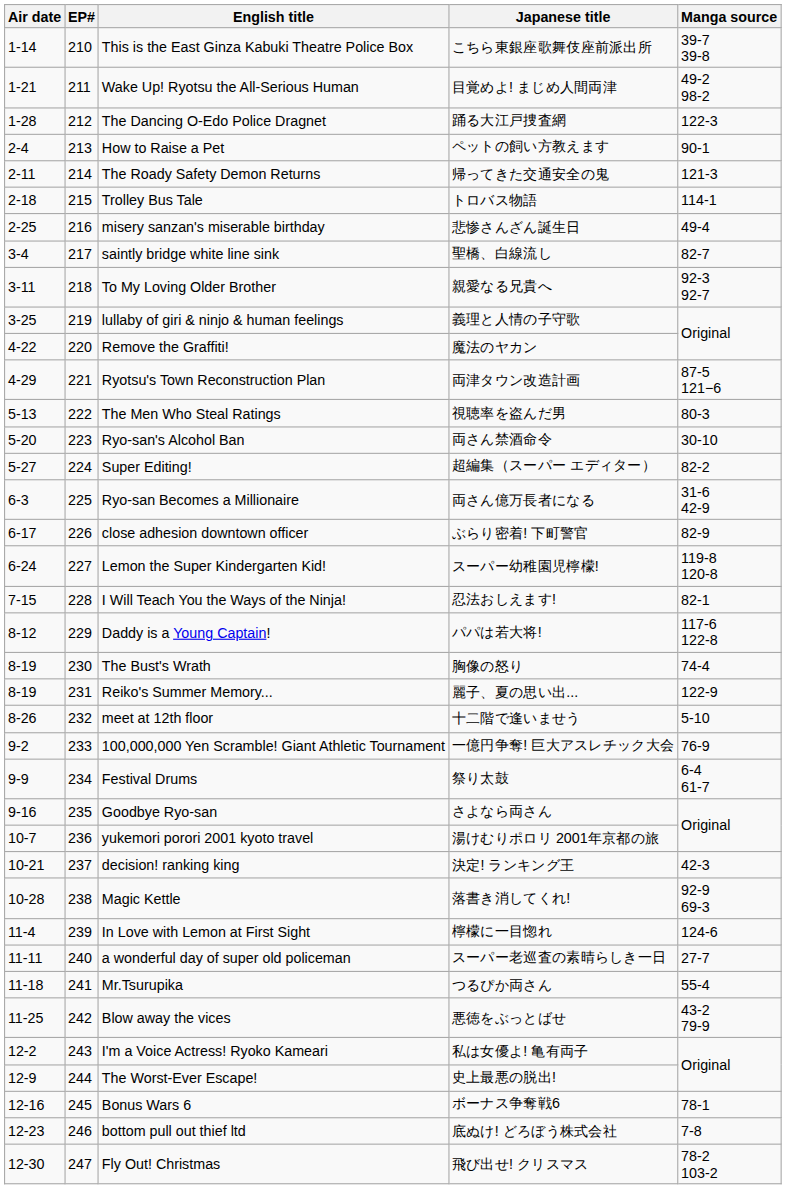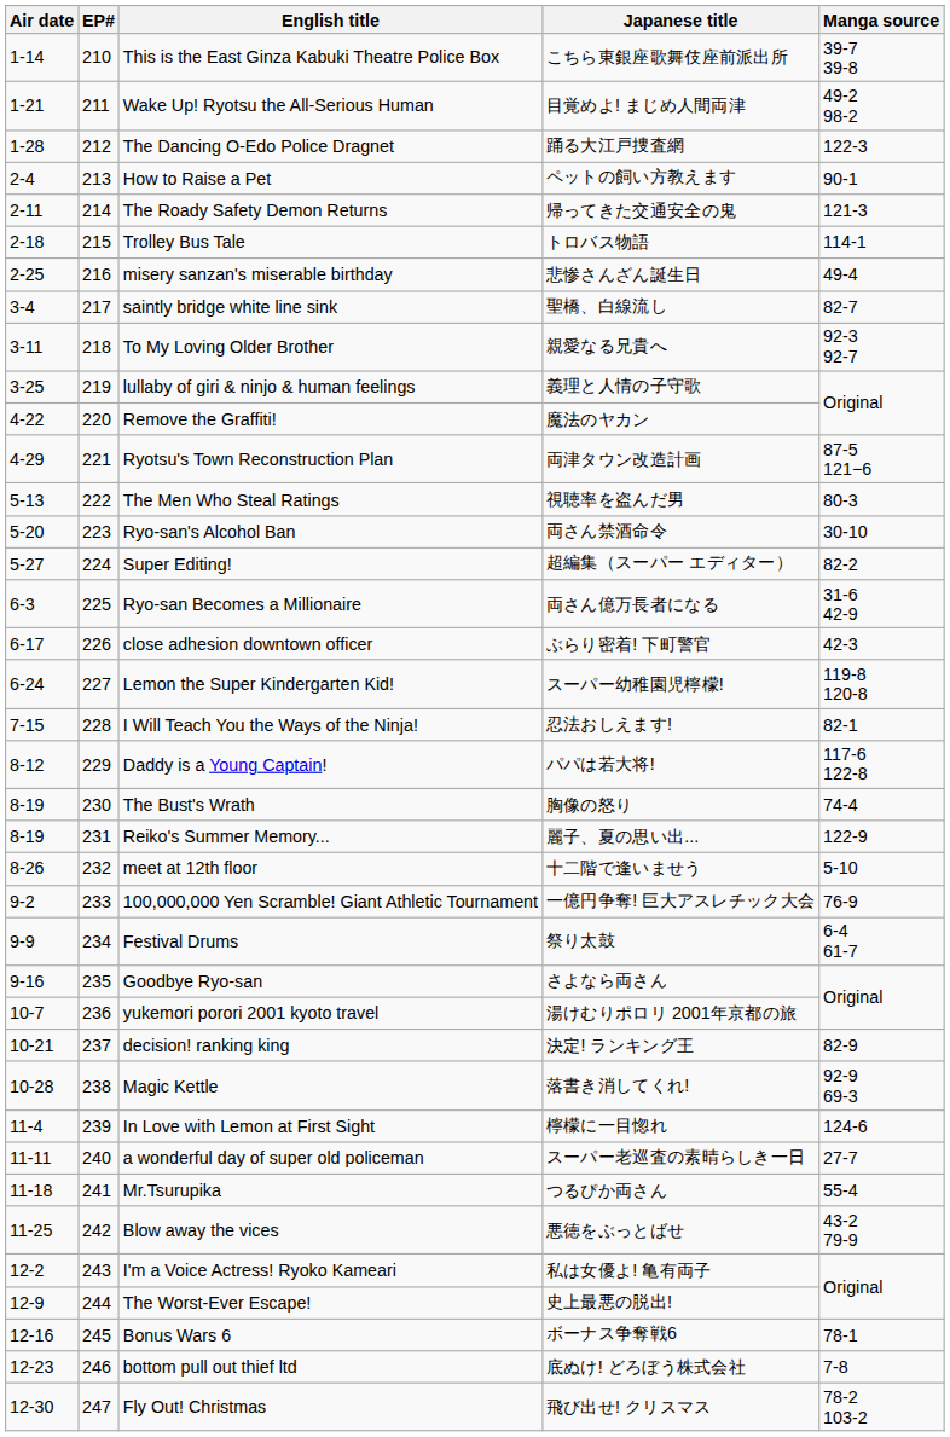 <table class="wikitable" style="font-size:small">
 <tr>
 <th>Air date</th>
 <th>EP#</th>
 <th>English title</th>
 <th>Japanese title</th>
 <th>Manga source</th>
 </tr>
 <tr>
 <td>1-14</td>
 <td>210</td>
 <td>This is the East Ginza Kabuki Theatre Police Box</td>
 <td>こちら東銀座歌舞伎座前派出所</td>
 <td>39-7<br>39-8</td>
 </tr>
 <tr>
 <td>1-21</td>
 <td>211</td>
 <td>Wake Up! Ryotsu the All-Serious Human</td>
 <td>目覚めよ! まじめ人間両津</td>
 <td>49-2<br>98-2</td>
 </tr>
 <tr>
 <td>1-28</td>
 <td>212</td>
 <td>The Dancing O-Edo Police Dragnet</td>
 <td>踊る大江戸捜査網</td>
 <td>122-3</td>
 </tr>
 <tr>
 <td>2-4</td>
 <td>213</td>
 <td>How to Raise a Pet</td>
 <td>ペットの飼い方教えます</td>
 <td>90-1</td>
 </tr>
 <tr>
 <td>2-11</td>
 <td>214</td>
 <td>The Roady Safety Demon Returns</td>
 <td>帰ってきた交通安全の鬼</td>
 <td>121-3</td>
 </tr>
 <tr>
 <td>2-18</td>
 <td>215</td>
 <td>Trolley Bus Tale</td>
 <td>トロバス物語</td>
 <td>114-1</td>
 </tr>
 <tr>
 <td>2-25</td>
 <td>216</td>
 <td>misery sanzan's miserable birthday</td>
 <td>悲惨さんざん誕生日</td>
 <td>49-4</td>
 </tr>
 <tr>
 <td>3-4</td>
 <td>217</td>
 <td>saintly bridge white line sink</td>
 <td>聖橋、白線流し</td>
 <td>82-7</td>
 </tr>
 <tr>
 <td>3-11</td>
 <td>218</td>
 <td>To My Loving Older Brother</td>
 <td>親愛なる兄貴へ</td>
 <td>92-3<br>92-7</td>
 </tr>
 <tr>
 <td>3-25</td>
 <td>219</td>
 <td>lullaby of giri & ninjo & human feelings</td>
 <td>義理と人情の子守歌</td>
 <td rowspan="2">Original</td>
 </tr>
 <tr>
 <td>4-22</td>
 <td>220</td>
 <td>Remove the Graffiti!</td>
 <td>魔法のヤカン</td>
 </tr>
 <tr>
 <td>4-29</td>
 <td>221</td>
 <td>Ryotsu's Town Reconstruction Plan</td>
 <td>両津タウン改造計画</td>
 <td>87-5<br>121−6</td>
 </tr>
 <tr>
 <td>5-13</td>
 <td>222</td>
 <td>The Men Who Steal Ratings</td>
 <td>視聴率を盗んだ男</td>
 <td>80-3</td>
 </tr>
 <tr>
 <td>5-20</td>
 <td>223</td>
 <td>Ryo-san's Alcohol Ban</td>
 <td>両さん禁酒命令</td>
 <td>30-10</td>
 </tr>
 <tr>
 <td>5-27</td>
 <td>224</td>
 <td>Super Editing!</td>
 <td>超編集（スーパー エディター）</td>
 <td>82-2</td>
 </tr>
 <tr>
 <td>6-3</td>
 <td>225</td>
 <td>Ryo-san Becomes a Millionaire</td>
 <td>両さん億万長者になる</td>
 <td>31-6<br>42-9</td>
 </tr>
 <tr>
 <td>6-17</td>
 <td>226</td>
 <td>close adhesion downtown officer</td>
 <td>ぶらり密着! 下町警官</td>
-<td>82-9</td>
+<td>42-3</td>
 </tr>
 <tr>
 <td>6-24</td>
 <td>227</td>
 <td>Lemon the Super Kindergarten Kid!</td>
 <td>スーパー幼稚園児檸檬!</td>
 <td>119-8<br>120-8</td>
 </tr>
 <tr>
 <td>7-15</td>
 <td>228</td>
 <td>I Will Teach You the Ways of the Ninja!</td>
 <td>忍法おしえます!</td>
 <td>82-1</td>
 </tr>
 <tr>
 <td>8-12</td>
 <td>229</td>
 <td>Daddy is a <a href='#'>Young Captain</a>!</td>
 <td>パパは若大将!</td>
 <td>117-6<br>122-8</td>
 </tr>
 <tr>
 <td>8-19</td>
 <td>230</td>
 <td>The Bust's Wrath</td>
 <td>胸像の怒り</td>
 <td>74-4</td>
 </tr>
 <tr>
 <td>8-19</td>
 <td>231</td>
 <td>Reiko's Summer Memory...</td>
 <td>麗子、夏の思い出...</td>
 <td>122-9</td>
 </tr>
 <tr>
 <td>8-26</td>
 <td>232</td>
 <td>meet at 12th floor</td>
 <td>十二階で逢いませう</td>
 <td>5-10</td>
 </tr>
 <tr>
 <td>9-2</td>
 <td>233</td>
 <td>100,000,000 Yen Scramble! Giant Athletic Tournament</td>
 <td>一億円争奪! 巨大アスレチック大会</td>
 <td>76-9</td>
 </tr>
 <tr>
 <td>9-9</td>
 <td>234</td>
 <td>Festival Drums</td>
 <td>祭り太鼓</td>
 <td>6-4<br>61-7</td>
 </tr>
 <tr>
 <td>9-16</td>
 <td>235</td>
 <td>Goodbye Ryo-san</td>
 <td>さよなら両さん</td>
 <td rowspan="2">Original</td>
 </tr>
 <tr>
 <td>10-7</td>
 <td>236</td>
 <td>yukemori porori 2001 kyoto travel</td>
 <td>湯けむりポロリ 2001年京都の旅</td>
 </tr>
 <tr>
 <td>10-21</td>
 <td>237</td>
 <td>decision! ranking king</td>
 <td>決定! ランキング王</td>
-<td>42-3</td>
+<td>82-9</td>
 </tr>
 <tr>
 <td>10-28</td>
 <td>238</td>
 <td>Magic Kettle</td>
 <td>落書き消してくれ!</td>
 <td>92-9<br>69-3</td>
 </tr>
 <tr>
 <td>11-4</td>
 <td>239</td>
 <td>In Love with Lemon at First Sight</td>
 <td>檸檬に一目惚れ</td>
 <td>124-6</td>
 </tr>
 <tr>
 <td>11-11</td>
 <td>240</td>
 <td>a wonderful day of super old policeman</td>
 <td>スーパー老巡査の素晴らしき一日</td>
 <td>27-7</td>
 </tr>
 <tr>
 <td>11-18</td>
 <td>241</td>
 <td>Mr.Tsurupika</td>
 <td>つるぴか両さん</td>
 <td>55-4</td>
 </tr>
 <tr>
 <td>11-25</td>
 <td>242</td>
 <td>Blow away the vices</td>
 <td>悪徳をぶっとばせ</td>
 <td>43-2<br>79-9</td>
 </tr>
 <tr>
 <td>12-2</td>
 <td>243</td>
 <td>I'm a Voice Actress! Ryoko Kameari</td>
 <td>私は女優よ! 亀有両子</td>
 <td rowspan="2">Original</td>
 </tr>
 <tr>
 <td>12-9</td>
 <td>244</td>
 <td>The Worst-Ever Escape!</td>
 <td>史上最悪の脱出!</td>
 </tr>
 <tr>
 <td>12-16</td>
 <td>245</td>
 <td>Bonus Wars 6</td>
 <td>ボーナス争奪戦6</td>
 <td>78-1</td>
 </tr>
 <tr>
 <td>12-23</td>
 <td>246</td>
 <td>bottom pull out thief ltd</td>
 <td>底ぬけ! どろぼう株式会社</td>
 <td>7-8</td>
 </tr>
 <tr>
 <td>12-30</td>
 <td>247</td>
 <td>Fly Out! Christmas</td>
 <td>飛び出せ! クリスマス</td>
 <td>78-2<br>103-2</td>
 </tr>
 </table>
